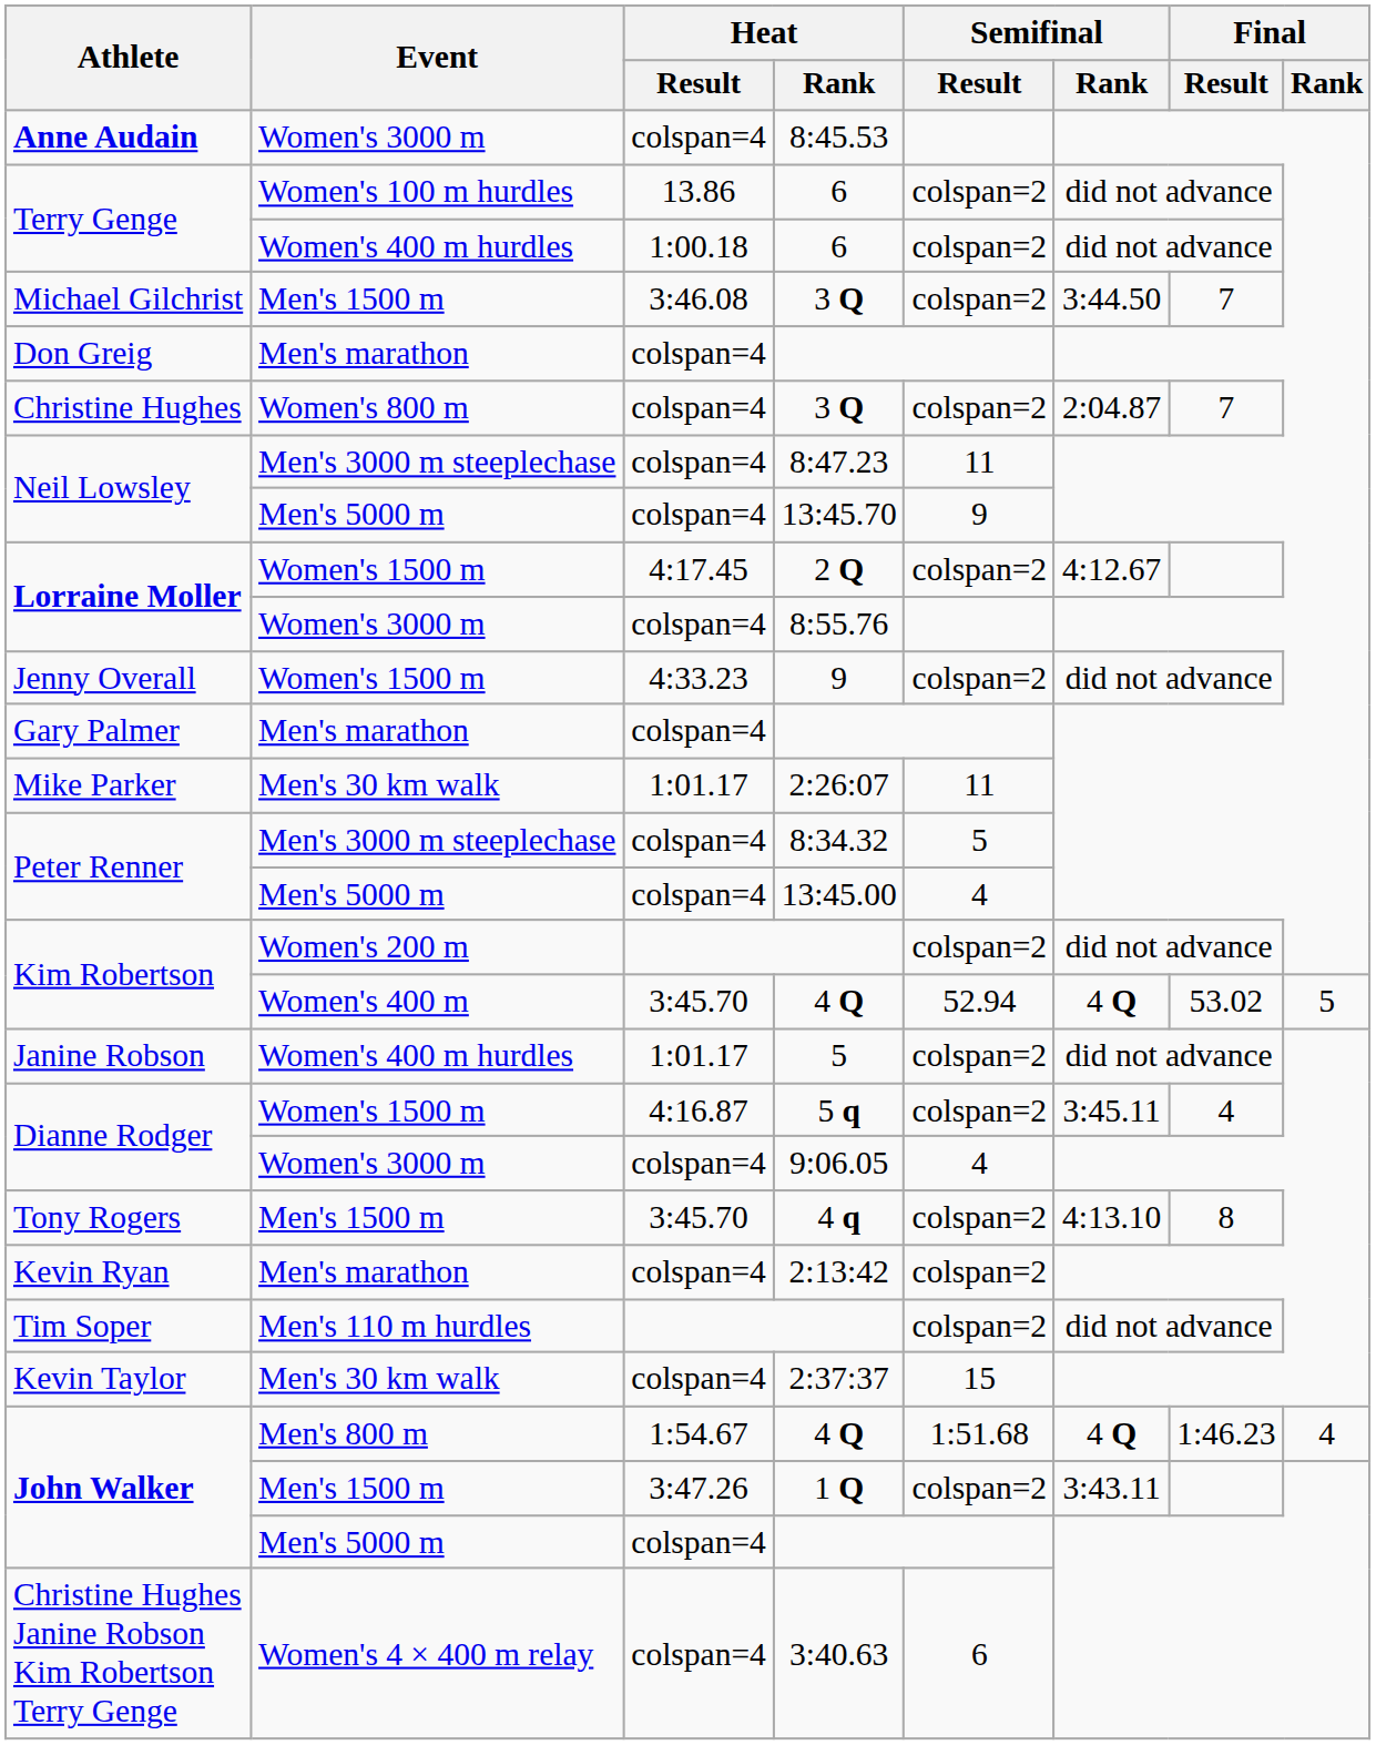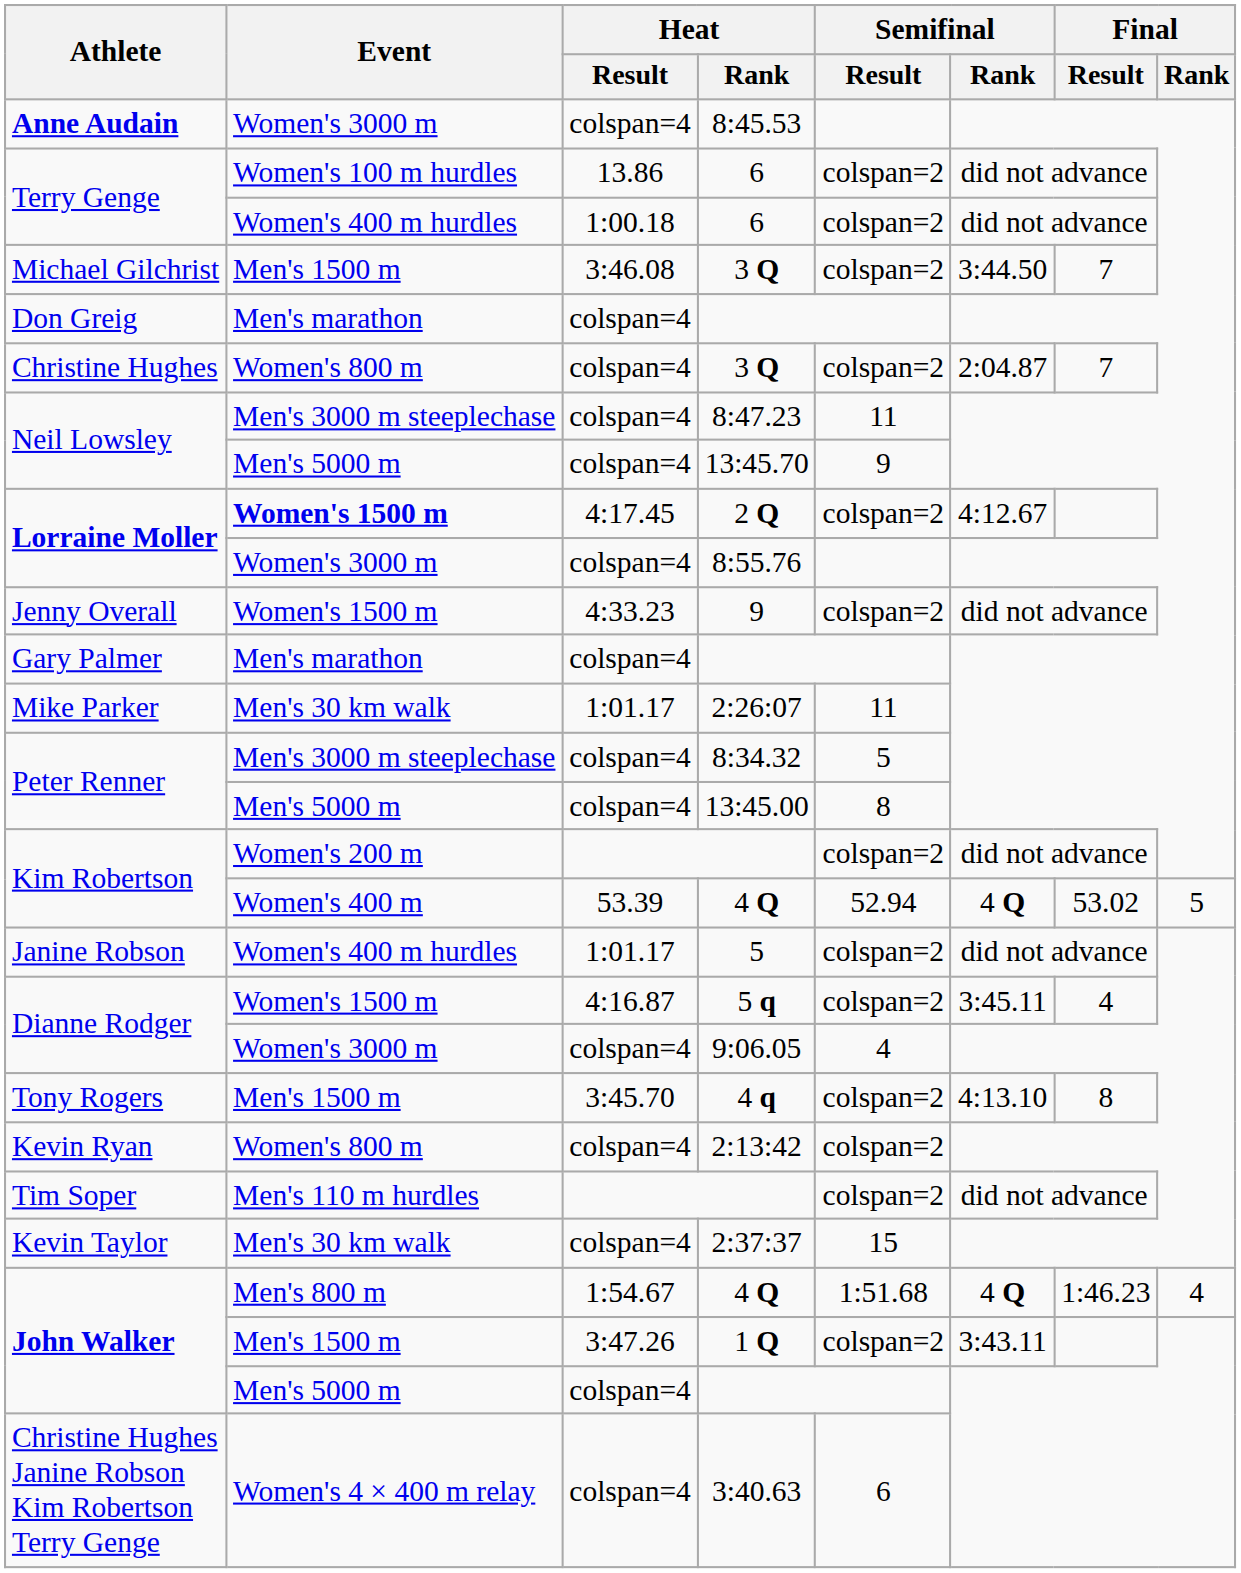 <table class=wikitable style=font-size:90%>
 <tr>
 <th rowspan=2>Athlete</th>
 <th rowspan=2>Event</th>
 <th colspan=2>Heat</th>
 <th colspan=2>Semifinal</th>
 <th colspan=2>Final</th>
 </tr>
 <tr style=font-size:95%>
 <th>Result</th>
 <th>Rank</th>
 <th>Result</th>
 <th>Rank</th>
 <th>Result</th>
 <th>Rank</th>
 </tr>
 <tr align=center>
 <td align=left><strong><a href='#'>Anne Audain</a></strong></td>
 <td align=left><a href='#'>Women's 3000 m</a></td>
 <td>colspan=4 </td>
 <td>8:45.53 </td>
 <td></td>
 </tr>
 <tr align=center>
 <td align=left rowspan=2><a href='#'>Terry Genge</a></td>
 <td align=left><a href='#'>Women's 100 m hurdles</a></td>
 <td>13.86</td>
 <td>6</td>
 <td>colspan=2 </td>
 <td colspan=2>did not advance</td>
 </tr>
 <tr align=center>
 <td align=left><a href='#'>Women's 400 m hurdles</a></td>
 <td>1:00.18</td>
 <td>6</td>
 <td>colspan=2 </td>
 <td colspan=2>did not advance</td>
 </tr>
 <tr align=center>
 <td align=left><a href='#'>Michael Gilchrist</a></td>
 <td align=left><a href='#'>Men's 1500 m</a></td>
 <td>3:46.08</td>
 <td>3 <strong>Q</strong></td>
 <td>colspan=2 </td>
 <td>3:44.50</td>
 <td>7</td>
 </tr>
 <tr align=center>
 <td align=left><a href='#'>Don Greig</a></td>
 <td align=left><a href='#'>Men's marathon</a></td>
 <td>colspan=4 </td>
 <td colspan=2></td>
 </tr>
 <tr align=center>
 <td align=left><a href='#'>Christine Hughes</a></td>
 <td align=left><a href='#'>Women's 800 m</a></td>
 <td>colspan=4 </td>
 <td>3 <strong>Q</strong></td>
 <td>colspan=2 </td>
 <td>2:04.87</td>
 <td>7</td>
 </tr>
 <tr align=center>
 <td align=left rowspan=2><a href='#'>Neil Lowsley</a></td>
 <td align=left><a href='#'>Men's 3000 m steeplechase</a></td>
 <td>colspan=4 </td>
 <td>8:47.23</td>
 <td>11</td>
 </tr>
 <tr align=center>
 <td align=left><a href='#'>Men's 5000 m</a></td>
 <td>colspan=4 </td>
 <td>13:45.70</td>
 <td>9</td>
 </tr>
 <tr align=center>
 <td align=left rowspan=2><strong><a href='#'>Lorraine Moller</a></strong></td>
-<td align=left><a href='#'>Women's 1500 m</a></td>
+<td align=left><strong><a href='#'>Women's 1500 m</a></strong></td>
 <td>4:17.45</td>
 <td>2 <strong>Q</strong></td>
 <td>colspan=2 </td>
 <td>4:12.67</td>
 <td></td>
 </tr>
 <tr align=center>
 <td align=left><a href='#'>Women's 3000 m</a></td>
 <td>colspan=4 </td>
 <td>8:55.76</td>
 <td></td>
 </tr>
 <tr align=center>
 <td align=left><a href='#'>Jenny Overall</a></td>
 <td align=left><a href='#'>Women's 1500 m</a></td>
 <td>4:33.23</td>
 <td>9</td>
 <td>colspan=2 </td>
 <td colspan=2>did not advance</td>
 </tr>
 <tr align=center>
 <td align=left><a href='#'>Gary Palmer</a></td>
 <td align=left><a href='#'>Men's marathon</a></td>
 <td>colspan=4 </td>
 <td colspan=2></td>
 </tr>
 <tr align=center>
 <td align=left><a href='#'>Mike Parker</a></td>
 <td align=left><a href='#'>Men's 30 km walk</a></td>
 <td>1:01.17</td>
 <td>2:26:07</td>
 <td>11</td>
 </tr>
 <tr align=center>
 <td align=left rowspan=2><a href='#'>Peter Renner</a></td>
 <td align=left><a href='#'>Men's 3000 m steeplechase</a></td>
 <td>colspan=4 </td>
 <td>8:34.32</td>
 <td>5</td>
 </tr>
 <tr align=center>
 <td align=left><a href='#'>Men's 5000 m</a></td>
 <td>colspan=4 </td>
 <td>13:45.00</td>
-<td>4</td>
+<td>8</td>
 </tr>
 <tr align=center>
 <td align=left rowspan=2><a href='#'>Kim Robertson</a></td>
 <td align=left><a href='#'>Women's 200 m</a></td>
 <td colspan=2></td>
 <td>colspan=2 </td>
 <td colspan=2>did not advance</td>
 </tr>
 <tr align=center>
 <td align=left><a href='#'>Women's 400 m</a></td>
-<td>3:45.70</td>
+<td>53.39</td>
 <td>4 <strong>Q</strong></td>
 <td>52.94</td>
 <td>4 <strong>Q</strong></td>
 <td>53.02</td>
 <td>5</td>
 </tr>
 <tr align=center>
 <td align=left><a href='#'>Janine Robson</a></td>
 <td align=left><a href='#'>Women's 400 m hurdles</a></td>
 <td>1:01.17</td>
 <td>5</td>
 <td>colspan=2 </td>
 <td colspan=2>did not advance</td>
 </tr>
 <tr align=center>
 <td align=left rowspan=2><a href='#'>Dianne Rodger</a></td>
 <td align=left><a href='#'>Women's 1500 m</a></td>
 <td>4:16.87</td>
 <td>5 <strong>q</strong></td>
 <td>colspan=2 </td>
 <td>3:45.11</td>
 <td>4</td>
 </tr>
 <tr align=center>
 <td align=left><a href='#'>Women's 3000 m</a></td>
 <td>colspan=4 </td>
 <td>9:06.05</td>
 <td>4</td>
 </tr>
 <tr align=center>
 <td align=left><a href='#'>Tony Rogers</a></td>
 <td align=left><a href='#'>Men's 1500 m</a></td>
 <td>3:45.70</td>
 <td>4 <strong>q</strong></td>
 <td>colspan=2 </td>
 <td>4:13.10</td>
 <td>8</td>
 </tr>
 <tr align=center>
 <td align=left><a href='#'>Kevin Ryan</a></td>
-<td align=left><a href='#'>Men's marathon</a></td>
+<td align=left><a href='#'>Women's 800 m</a></td>
 <td>colspan=4 </td>
 <td>2:13:42</td>
 <td>colspan=2 </td>
 </tr>
 <tr align=center>
 <td align=left><a href='#'>Tim Soper</a></td>
 <td align=left><a href='#'>Men's 110 m hurdles</a></td>
 <td colspan=2></td>
 <td>colspan=2 </td>
 <td colspan=2>did not advance</td>
 </tr>
 <tr align=center>
 <td align=left><a href='#'>Kevin Taylor</a></td>
 <td align=left><a href='#'>Men's 30 km walk</a></td>
 <td>colspan=4 </td>
 <td>2:37:37</td>
 <td>15</td>
 </tr>
 <tr align=center>
 <td align=left rowspan=3><strong><a href='#'>John Walker</a></strong></td>
 <td align=left><a href='#'>Men's 800 m</a></td>
 <td>1:54.67</td>
 <td>4 <strong>Q</strong></td>
 <td>1:51.68</td>
 <td>4 <strong>Q</strong></td>
 <td>1:46.23</td>
 <td>4</td>
 </tr>
 <tr align=center>
 <td align=left><a href='#'>Men's 1500 m</a></td>
 <td>3:47.26</td>
 <td>1 <strong>Q</strong></td>
 <td>colspan=2 </td>
 <td>3:43.11</td>
 <td></td>
 </tr>
 <tr align=center>
 <td align=left><a href='#'>Men's 5000 m</a></td>
 <td>colspan=4 </td>
 <td colspan=2></td>
 </tr>
 <tr align=center>
 <td align=left><a href='#'>Christine Hughes</a><br><a href='#'>Janine Robson</a><br><a href='#'>Kim Robertson</a><br><a href='#'>Terry Genge</a></td>
 <td align=left><a href='#'>Women's 4 × 400 m relay</a></td>
 <td>colspan=4 </td>
 <td>3:40.63</td>
 <td>6</td>
 </tr>
 </table>
